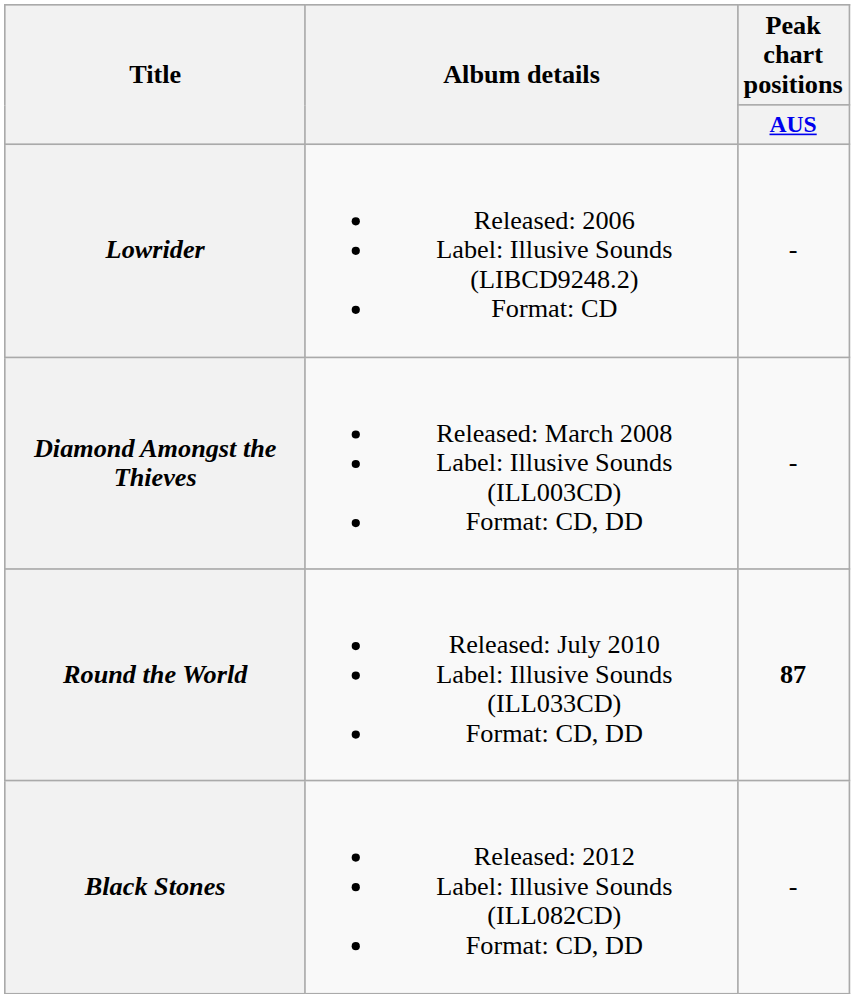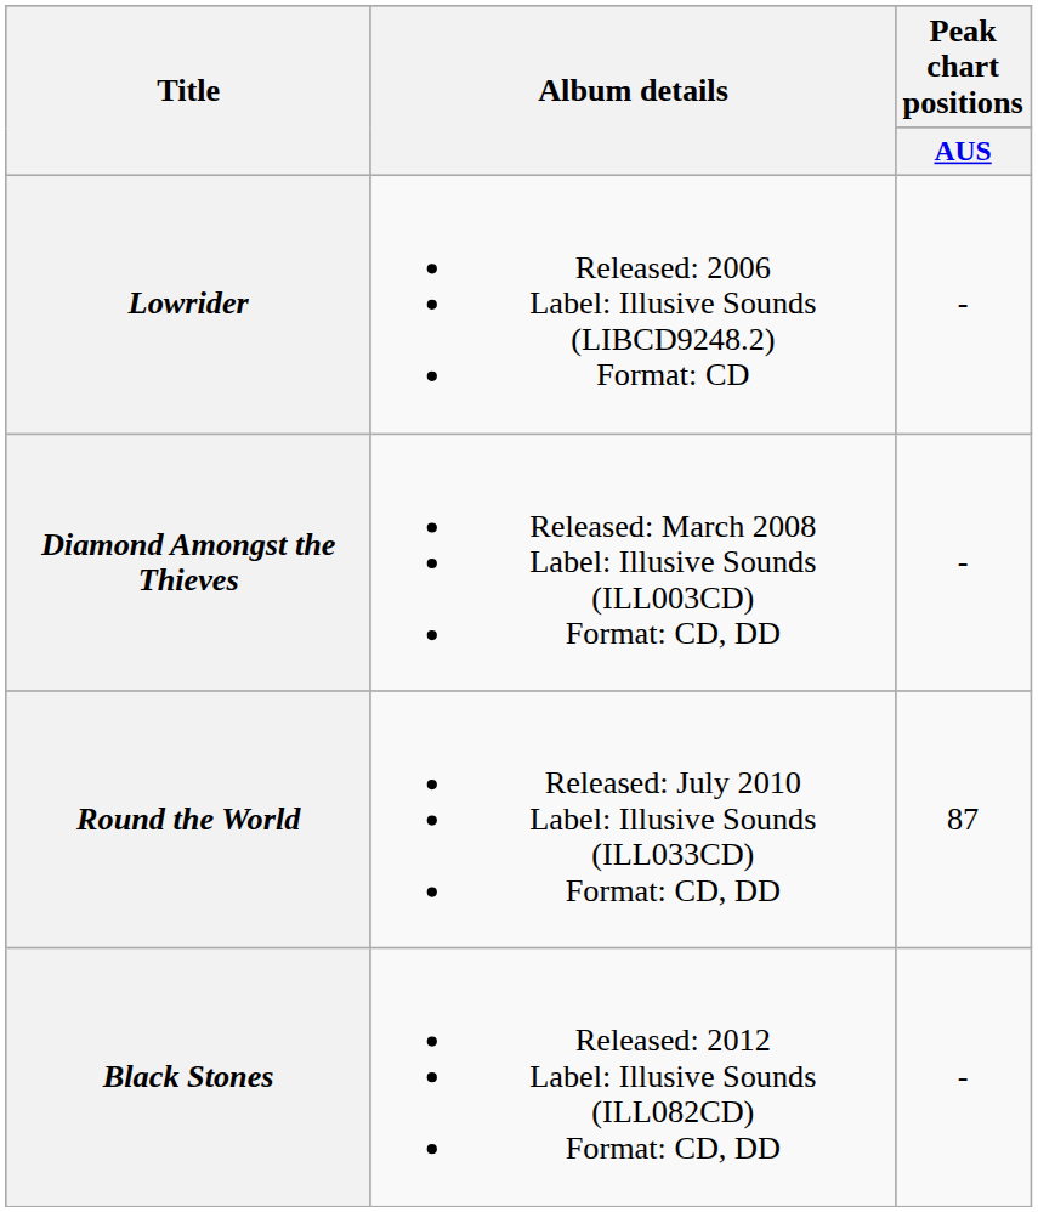 <table class="wikitable plainrowheaders" style="text-align:center;">
 <tr>
 <th scope="col" rowspan="2" style="width:11em;">Title</th>
 <th scope="col" rowspan="2" style="width:16em;">Album details</th>
 <th scope="col" colspan="1">Peak chart positions</th>
 </tr>
 <tr>
 <th scope="col" style="width:3em;font-size:90%;"><a href='#'>AUS</a><br></th>
 </tr>
 <tr>
 <th scope="row"><em>Lowrider</em></th>
 <td><br><ul><li>Released: 2006</li><li>Label: Illusive Sounds (LIBCD9248.2)</li><li>Format: CD</li></ul></td>
 <td>-</td>
 </tr>
 <tr>
 <th scope="row"><em>Diamond Amongst the Thieves</em></th>
 <td><br><ul><li>Released: March 2008</li><li>Label: Illusive Sounds (ILL003CD)</li><li>Format: CD, DD</li></ul></td>
 <td>-</td>
 </tr>
 <tr>
 <th scope="row"><em>Round the World</em></th>
 <td><br><ul><li>Released: July 2010</li><li>Label: Illusive Sounds (ILL033CD)</li><li>Format: CD, DD</li></ul></td>
-<td><strong>87</strong></td>
+<td>87</td>
 </tr>
 <tr>
 <th scope="row"><em>Black Stones</em></th>
 <td><br><ul><li>Released: 2012</li><li>Label: Illusive Sounds (ILL082CD)</li><li>Format: CD, DD</li></ul></td>
 <td>-</td>
 </tr>
 </table>
